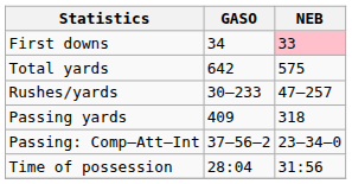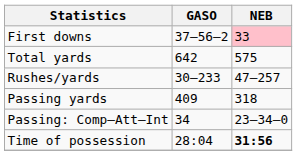 <table class="wikitable" style="float: left;">
 <tr>
 <th>Statistics</th>
 <th>GASO</th>
 <th>NEB</th>
 </tr>
 <tr>
 <td>First downs</td>
-<td>34</td>
+<td>37–56–2</td>
 <td style="background: pink;">33</td>
 </tr>
 <tr>
 <td>Total yards</td>
 <td>642</td>
 <td>575</td>
 </tr>
 <tr>
 <td>Rushes/yards</td>
 <td>30–233</td>
 <td>47–257</td>
 </tr>
 <tr>
 <td>Passing yards</td>
 <td>409</td>
 <td>318</td>
 </tr>
 <tr>
 <td>Passing: Comp–Att–Int</td>
-<td>37–56–2</td>
+<td>34</td>
 <td>23–34–0</td>
 </tr>
 <tr>
 <td>Time of possession</td>
 <td>28:04</td>
-<td>31:56</td>
+<td><strong>31:56</strong></td>
 </tr>
 <tr>
 </tr>
 </table>
